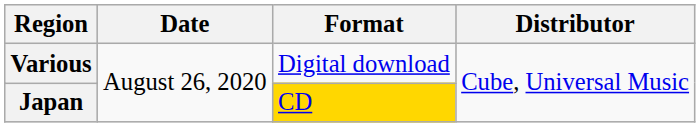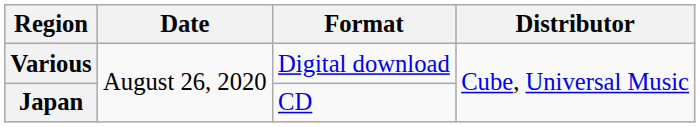 <table class="wikitable plainrowheaders">
 <tr>
 <th>Region</th>
 <th>Date</th>
 <th>Format</th>
 <th>Distributor</th>
 </tr>
 <tr>
 <th scope="row">Various</th>
 <td rowspan="3">August 26, 2020</td>
 <td rowspan="2"><a href='#'>Digital download</a></td>
 <td rowspan="3"><a href='#'>Cube</a>, <a href='#'>Universal Music</a></td>
 </tr>
 <tr>
 <th scope="row" rowspan="2">Japan</th>
 </tr>
 <tr>
-<td style="background: gold;"><a href='#'>CD</a></td>
+<td><a href='#'>CD</a></td>
 </tr>
 </table>
